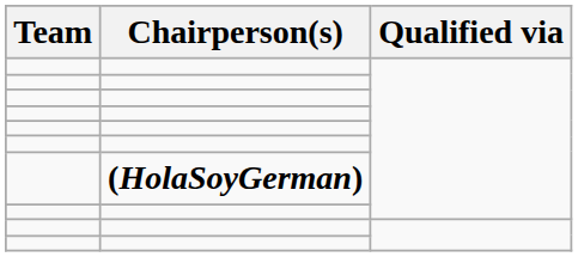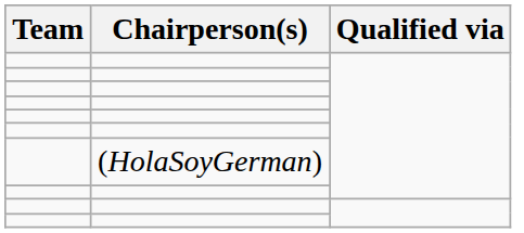 <table class="wikitable sortable" style="text-align: left;">
 <tr>
 <th>Team</th>
 <th>Chairperson(s)</th>
 <th>Qualified via</th>
 </tr>
 <tr>
 <td></td>
 <td></td>
 <td rowspan="8" align="center"></td>
 </tr>
 <tr>
 <td></td>
 <td></td>
 </tr>
 <tr>
 <td></td>
 <td></td>
 </tr>
 <tr>
 <td></td>
 <td></td>
 </tr>
 <tr>
 <td></td>
 <td></td>
 </tr>
 <tr>
 <td></td>
 <td></td>
 </tr>
 <tr>
 <td></td>
-<td><strong> (<em>HolaSoyGerman</em>)</strong></td>
+<td> (<em>HolaSoyGerman</em>)</td>
 </tr>
 <tr>
 <td></td>
 <td></td>
 </tr>
 <tr>
 <td></td>
 <td></td>
 <td align="center" rowspan=2></td>
 </tr>
 <tr>
 <td></td>
 <td></td>
 </tr>
 </table>
